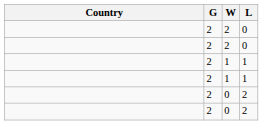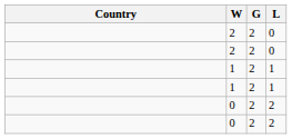 <table class="wikitable">
 <tr>
 <th bgcolor="#efefef" width="300">Country</th>
+<th bgcolor="#efefef" width="20">W</th>
 <th bgcolor="#efefef" width="20">G</th>
-<th bgcolor="#efefef" width="20">W</th>
 <th bgcolor="#efefef" width="20">L</th>
 </tr>
 <tr>
 <td></td>
 <td>2</td>
 <td>2</td>
 <td>0</td>
 </tr>
 <tr>
 <td></td>
 <td>2</td>
 <td>2</td>
 <td>0</td>
 </tr>
 <tr>
 <td></td>
+<td>1</td>
 <td>2</td>
-<td>1</td>
 <td>1</td>
 </tr>
 <tr>
 <td></td>
+<td>1</td>
 <td>2</td>
-<td>1</td>
 <td>1</td>
 </tr>
 <tr>
 <td></td>
+<td>0</td>
 <td>2</td>
-<td>0</td>
 <td>2</td>
 </tr>
 <tr>
 <td></td>
+<td>0</td>
 <td>2</td>
-<td>0</td>
 <td>2</td>
 </tr>
 </table>
